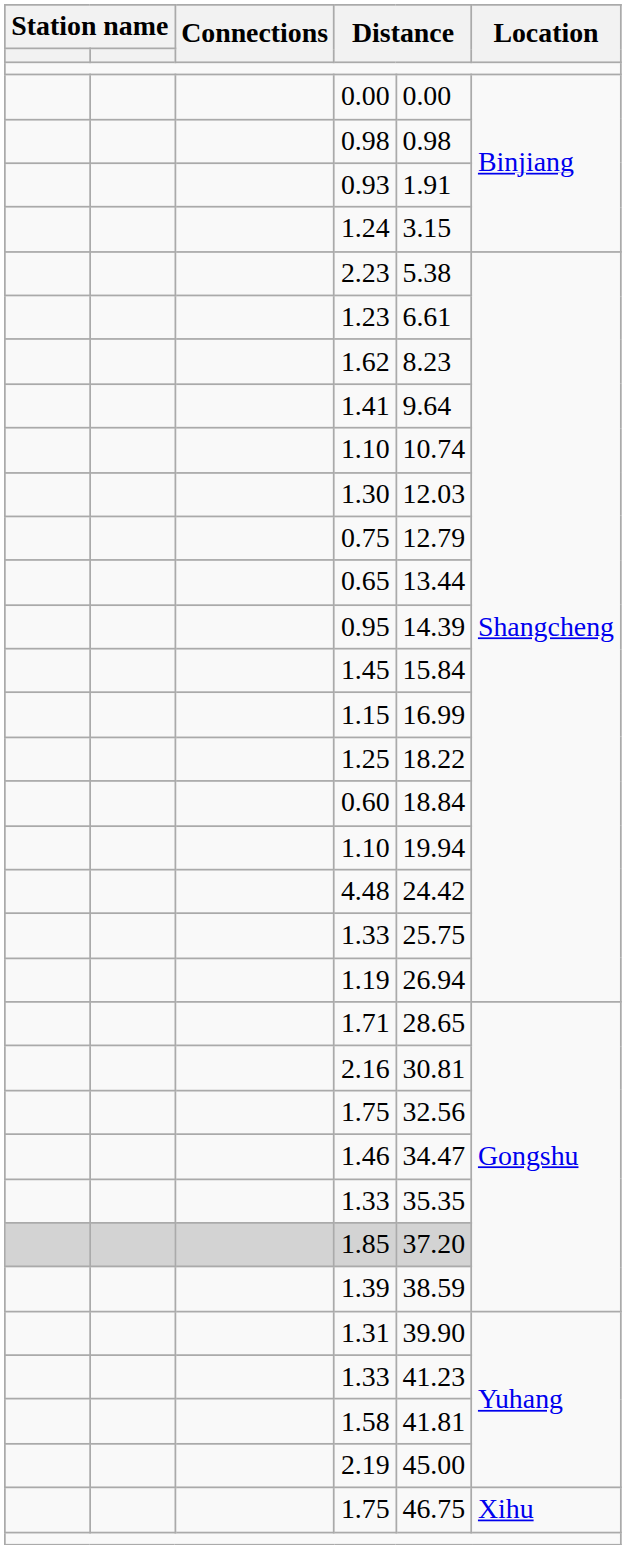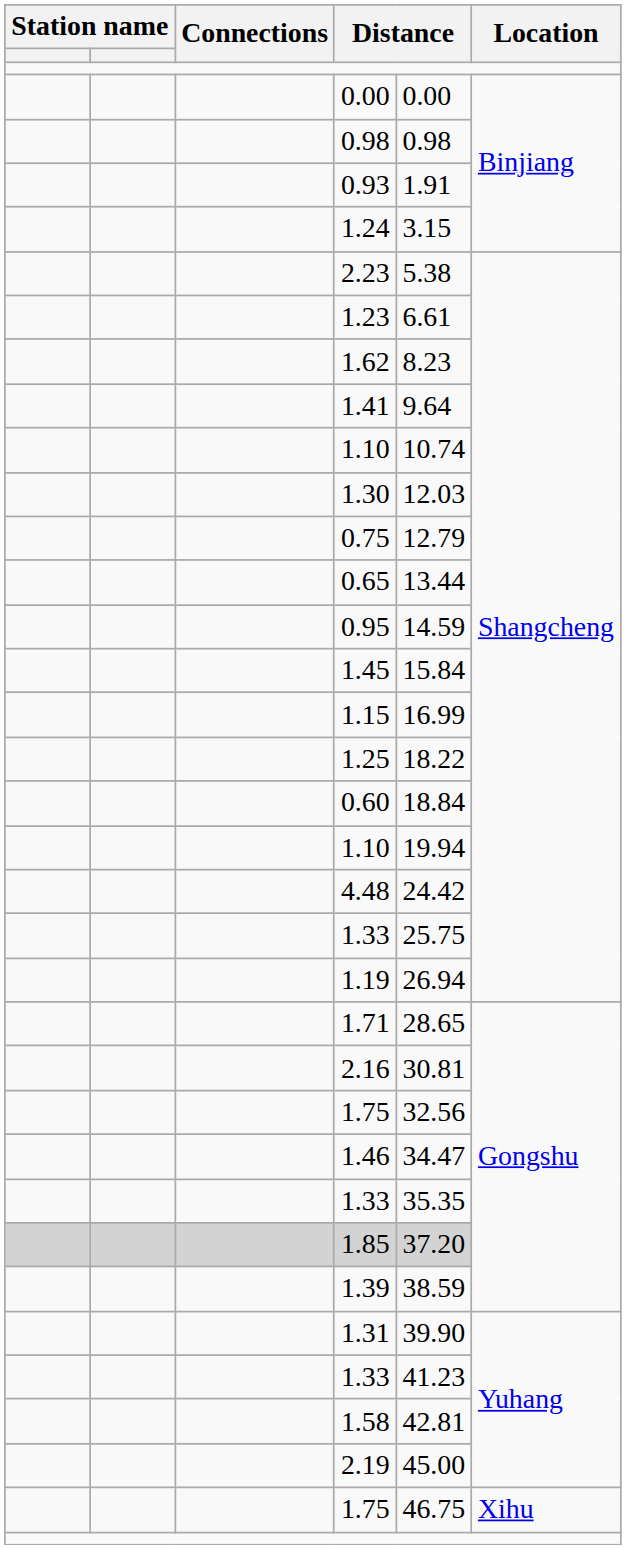 <table class="wikitable">
 <tr>
 <th colspan="2">Station name</th>
 <th rowspan="2">Connections</th>
 <th colspan="2" rowspan="2">Distance<br></th>
 <th rowspan="2">Location</th>
 </tr>
 <tr>
 <th></th>
 <th></th>
 </tr>
 <tr style="background:#">
 <td colspan="6"></td>
 </tr>
 <tr>
 <td></td>
 <td></td>
 <td></td>
 <td>0.00</td>
 <td>0.00</td>
 <td rowspan="4"><a href='#'>Binjiang</a></td>
 </tr>
 <tr>
 <td></td>
 <td></td>
 <td></td>
 <td>0.98</td>
 <td>0.98</td>
 </tr>
 <tr>
 <td></td>
 <td></td>
 <td></td>
 <td>0.93</td>
 <td>1.91</td>
 </tr>
 <tr>
 <td></td>
 <td></td>
 <td></td>
 <td>1.24</td>
 <td>3.15</td>
 </tr>
 <tr>
 <td></td>
 <td></td>
 <td></td>
 <td>2.23</td>
 <td>5.38</td>
 <td rowspan="17"><a href='#'>Shangcheng</a></td>
 </tr>
 <tr>
 <td></td>
 <td></td>
 <td></td>
 <td>1.23</td>
 <td>6.61</td>
 </tr>
 <tr>
 <td></td>
 <td></td>
 <td></td>
 <td>1.62</td>
 <td>8.23</td>
 </tr>
 <tr>
 <td></td>
 <td></td>
 <td></td>
 <td>1.41</td>
 <td>9.64</td>
 </tr>
 <tr>
 <td></td>
 <td></td>
 <td></td>
 <td>1.10</td>
 <td>10.74</td>
 </tr>
 <tr>
 <td></td>
 <td></td>
 <td></td>
 <td>1.30</td>
 <td>12.03</td>
 </tr>
 <tr>
 <td></td>
 <td></td>
 <td></td>
 <td>0.75</td>
 <td>12.79</td>
 </tr>
 <tr>
 <td></td>
 <td></td>
 <td></td>
 <td>0.65</td>
 <td>13.44</td>
 </tr>
 <tr>
 <td></td>
 <td></td>
 <td> </td>
 <td>0.95</td>
-<td>14.39</td>
+<td>14.59</td>
 </tr>
 <tr>
 <td></td>
 <td></td>
 <td></td>
 <td>1.45</td>
 <td>15.84</td>
 </tr>
 <tr>
 <td></td>
 <td></td>
 <td></td>
 <td>1.15</td>
 <td>16.99</td>
 </tr>
 <tr>
 <td></td>
 <td></td>
 <td></td>
 <td>1.25</td>
 <td>18.22</td>
 </tr>
 <tr>
 <td></td>
 <td></td>
 <td> <br></td>
 <td>0.60</td>
 <td>18.84</td>
 </tr>
 <tr>
 <td></td>
 <td></td>
 <td></td>
 <td>1.10</td>
 <td>19.94</td>
 </tr>
 <tr>
 <td></td>
 <td></td>
 <td></td>
 <td>4.48</td>
 <td>24.42</td>
 </tr>
 <tr>
 <td></td>
 <td></td>
 <td></td>
 <td>1.33</td>
 <td>25.75</td>
 </tr>
 <tr>
 <td></td>
 <td></td>
 <td></td>
 <td>1.19</td>
 <td>26.94</td>
 </tr>
 <tr>
 <td></td>
 <td></td>
 <td></td>
 <td>1.71</td>
 <td>28.65</td>
 <td rowspan="7"><a href='#'>Gongshu</a></td>
 </tr>
 <tr>
 <td></td>
 <td></td>
 <td></td>
 <td>2.16</td>
 <td>30.81</td>
 </tr>
 <tr>
 <td></td>
 <td></td>
 <td></td>
 <td>1.75</td>
 <td>32.56</td>
 </tr>
 <tr>
 <td></td>
 <td></td>
 <td></td>
 <td>1.46</td>
 <td>34.47</td>
 </tr>
 <tr>
 <td></td>
 <td></td>
 <td></td>
 <td>1.33</td>
 <td>35.35</td>
 </tr>
 <tr bgcolor="lightgrey">
 <td><em></em></td>
 <td></td>
 <td></td>
 <td>1.85</td>
 <td>37.20</td>
 </tr>
 <tr>
 <td></td>
 <td></td>
 <td></td>
 <td>1.39</td>
 <td>38.59</td>
 </tr>
 <tr>
 <td></td>
 <td></td>
 <td></td>
 <td>1.31</td>
 <td>39.90</td>
 <td rowspan="4"><a href='#'>Yuhang</a></td>
 </tr>
 <tr>
 <td></td>
 <td></td>
 <td></td>
 <td>1.33</td>
 <td>41.23</td>
 </tr>
 <tr>
 <td></td>
 <td></td>
 <td></td>
 <td>1.58</td>
-<td>41.81</td>
+<td>42.81</td>
 </tr>
 <tr>
 <td></td>
 <td></td>
 <td></td>
 <td>2.19</td>
 <td>45.00</td>
 </tr>
 <tr>
 <td></td>
 <td></td>
 <td></td>
 <td>1.75</td>
 <td>46.75</td>
 <td rowspan="1"><a href='#'>Xihu</a></td>
 </tr>
 <tr style="background:#">
 <td colspan="6"></td>
 </tr>
 </table>
